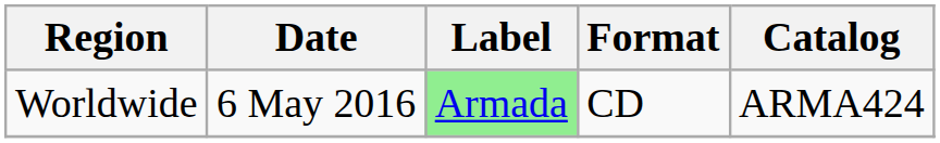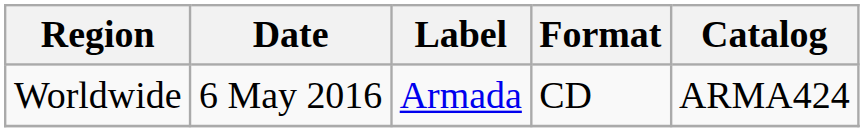 <table class=wikitable>
 <tr>
 <th>Region</th>
 <th>Date</th>
 <th>Label</th>
 <th>Format</th>
 <th>Catalog</th>
 </tr>
 <tr>
 <td>Worldwide</td>
 <td>6 May 2016</td>
-<td style="background: lightgreen;"><a href='#'>Armada</a></td>
+<td><a href='#'>Armada</a></td>
 <td>CD</td>
 <td>ARMA424</td>
 </tr>
 <tr>
 </tr>
 </table>
